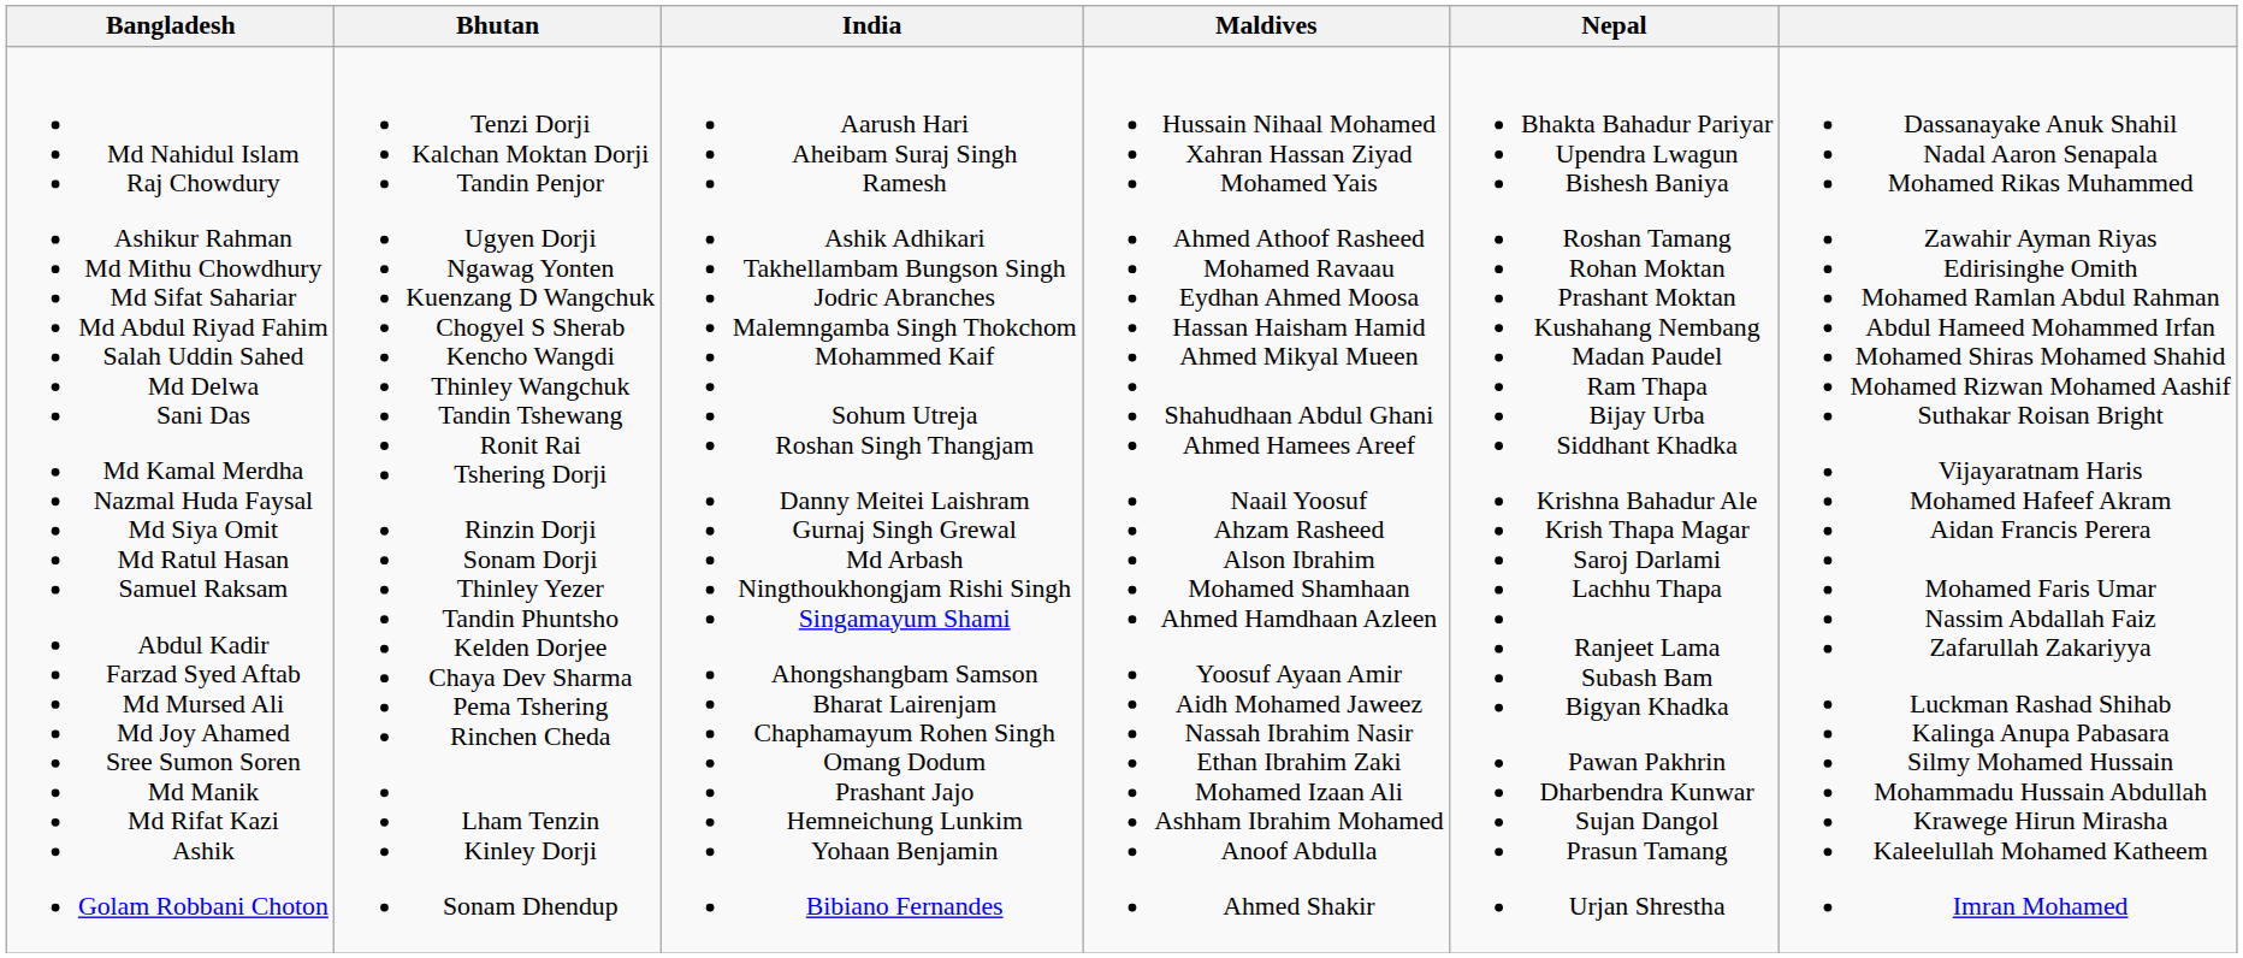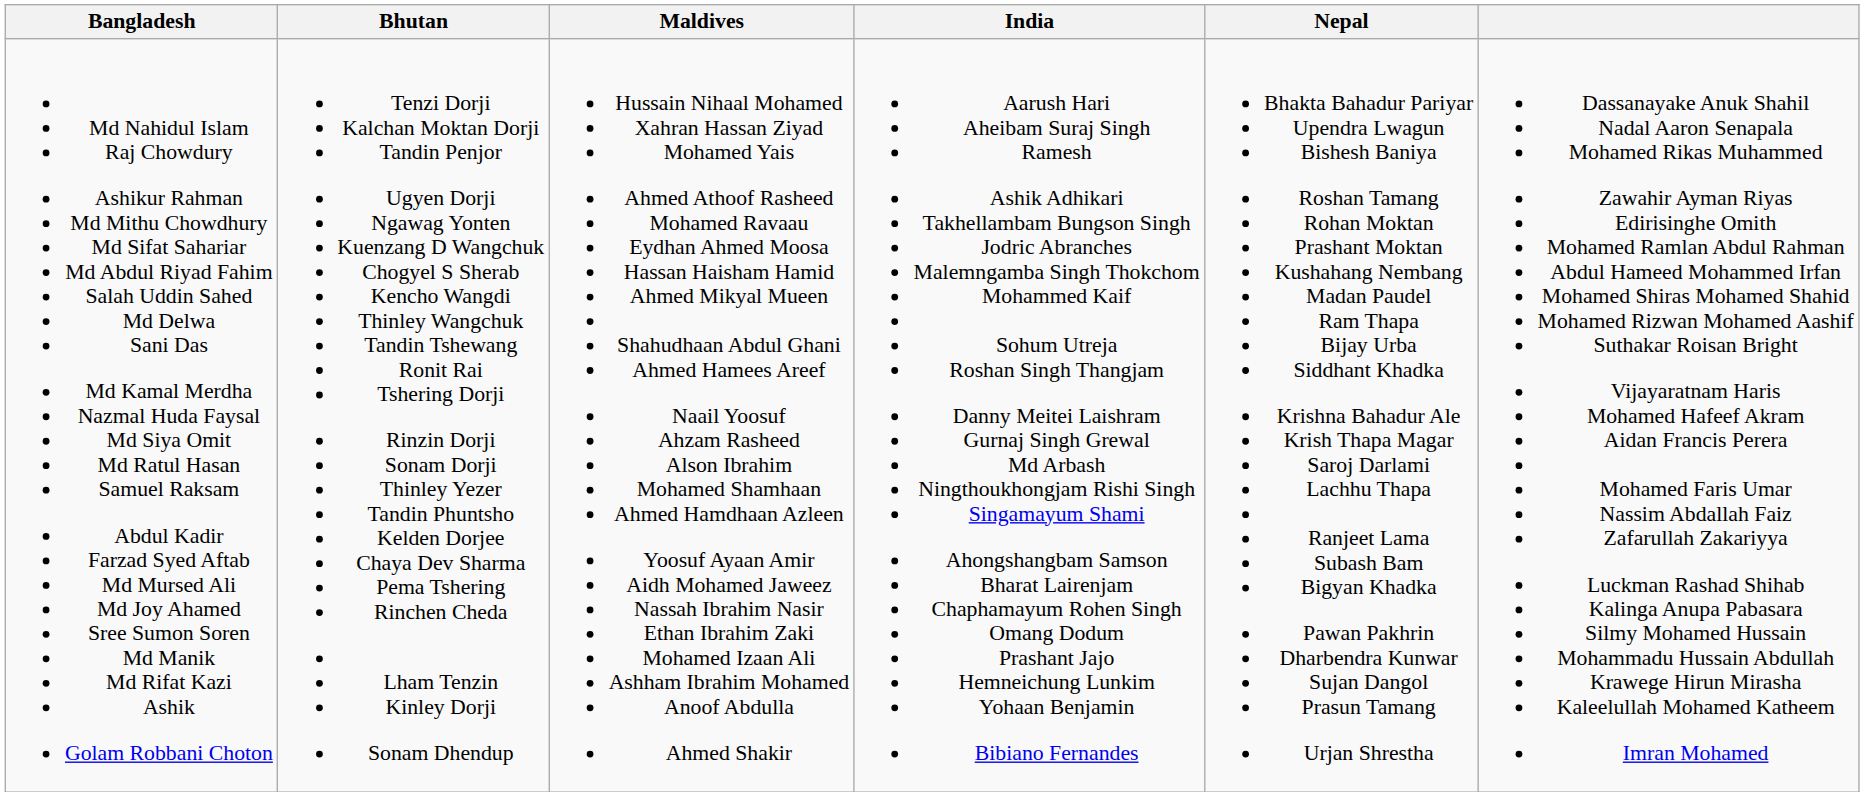 <table class="wikitable" style="text-align:center;margin:auto">
 <tr>
 <th> Bangladesh</th>
 <th> Bhutan</th>
+<th> Maldives</th>
 <th> India</th>
-<th> Maldives</th>
 <th> Nepal</th>
 <th></th>
 </tr>
 <tr style="vertical-align:top; height:20em">
 <td><br><ul><li></li><li>Md Nahidul Islam</li><li>Raj Chowdury</li></ul><ul><li>Ashikur Rahman</li><li>Md Mithu Chowdhury</li><li>Md Sifat Sahariar</li><li>Md Abdul Riyad Fahim</li><li>Salah Uddin Sahed</li><li>Md Delwa</li><li>Sani Das</li></ul><ul><li>Md Kamal Merdha</li><li>Nazmal Huda Faysal</li><li>Md Siya Omit</li><li>Md Ratul Hasan</li><li>Samuel Raksam</li></ul><ul><li>Abdul Kadir</li><li>Farzad Syed Aftab</li><li>Md Mursed Ali</li><li>Md Joy Ahamed</li><li>Sree Sumon Soren</li><li>Md Manik</li><li>Md Rifat Kazi</li><li>Ashik</li></ul><ul><li><a href='#'>Golam Robbani Choton</a></li></ul></td>
 <td><br><ul><li>Tenzi Dorji</li><li>Kalchan Moktan Dorji</li><li>Tandin Penjor</li></ul><ul><li>Ugyen Dorji</li><li>Ngawag Yonten</li><li>Kuenzang D Wangchuk</li><li>Chogyel S Sherab</li><li>Kencho Wangdi</li><li>Thinley Wangchuk</li><li>Tandin Tshewang</li><li>Ronit Rai</li><li>Tshering Dorji</li></ul><ul><li>Rinzin Dorji</li><li>Sonam Dorji</li><li>Thinley Yezer</li><li>Tandin Phuntsho</li><li>Kelden Dorjee</li><li>Chaya Dev Sharma</li><li>Pema Tshering</li><li>Rinchen Cheda</li></ul><ul><li></li><li>Lham Tenzin</li><li>Kinley Dorji</li></ul><ul><li>Sonam Dhendup</li></ul></td>
+<td><br><ul><li>Hussain Nihaal Mohamed</li><li>Xahran Hassan Ziyad</li><li>Mohamed Yais</li></ul><ul><li>Ahmed Athoof Rasheed</li><li>Mohamed Ravaau</li><li>Eydhan Ahmed Moosa</li><li>Hassan Haisham Hamid</li><li>Ahmed Mikyal Mueen</li><li></li><li>Shahudhaan Abdul Ghani</li><li>Ahmed Hamees Areef</li></ul><ul><li>Naail Yoosuf</li><li>Ahzam Rasheed</li><li>Alson Ibrahim</li><li>Mohamed Shamhaan</li><li>Ahmed Hamdhaan Azleen</li></ul><ul><li>Yoosuf Ayaan Amir</li><li>Aidh Mohamed Jaweez</li><li>Nassah Ibrahim Nasir</li><li>Ethan Ibrahim Zaki</li><li>Mohamed Izaan Ali</li><li>Ashham Ibrahim Mohamed</li><li>Anoof Abdulla</li></ul><ul><li>Ahmed Shakir</li></ul></td>
 <td><br><ul><li>Aarush Hari</li><li>Aheibam Suraj Singh</li><li>Ramesh</li></ul><ul><li>Ashik Adhikari</li><li>Takhellambam Bungson Singh</li><li>Jodric Abranches</li><li>Malemngamba Singh Thokchom</li><li>Mohammed Kaif</li><li></li><li>Sohum Utreja</li><li>Roshan Singh Thangjam</li></ul><ul><li>Danny Meitei Laishram</li><li>Gurnaj Singh Grewal</li><li>Md Arbash</li><li>Ningthoukhongjam Rishi Singh</li><li><a href='#'>Singamayum Shami</a></li></ul><ul><li>Ahongshangbam Samson</li><li>Bharat Lairenjam</li><li>Chaphamayum Rohen Singh</li><li>Omang Dodum</li><li>Prashant Jajo</li><li>Hemneichung Lunkim</li><li>Yohaan Benjamin</li></ul><ul><li><a href='#'>Bibiano Fernandes</a></li></ul></td>
-<td><br><ul><li>Hussain Nihaal Mohamed</li><li>Xahran Hassan Ziyad</li><li>Mohamed Yais</li></ul><ul><li>Ahmed Athoof Rasheed</li><li>Mohamed Ravaau</li><li>Eydhan Ahmed Moosa</li><li>Hassan Haisham Hamid</li><li>Ahmed Mikyal Mueen</li><li></li><li>Shahudhaan Abdul Ghani</li><li>Ahmed Hamees Areef</li></ul><ul><li>Naail Yoosuf</li><li>Ahzam Rasheed</li><li>Alson Ibrahim</li><li>Mohamed Shamhaan</li><li>Ahmed Hamdhaan Azleen</li></ul><ul><li>Yoosuf Ayaan Amir</li><li>Aidh Mohamed Jaweez</li><li>Nassah Ibrahim Nasir</li><li>Ethan Ibrahim Zaki</li><li>Mohamed Izaan Ali</li><li>Ashham Ibrahim Mohamed</li><li>Anoof Abdulla</li></ul><ul><li>Ahmed Shakir</li></ul></td>
 <td><br><ul><li>Bhakta Bahadur Pariyar</li><li>Upendra Lwagun</li><li>Bishesh Baniya</li></ul><ul><li>Roshan Tamang</li><li>Rohan Moktan</li><li>Prashant Moktan</li><li>Kushahang Nembang</li><li>Madan Paudel</li><li>Ram Thapa</li><li>Bijay Urba</li><li>Siddhant Khadka</li></ul><ul><li>Krishna Bahadur Ale</li><li>Krish Thapa Magar</li><li>Saroj Darlami</li><li>Lachhu Thapa</li><li></li><li>Ranjeet Lama</li><li>Subash Bam</li><li>Bigyan Khadka</li></ul><ul><li>Pawan Pakhrin</li><li>Dharbendra Kunwar</li><li>Sujan Dangol</li><li>Prasun Tamang</li></ul><ul><li>Urjan Shrestha</li></ul></td>
 <td><br><ul><li>Dassanayake Anuk Shahil</li><li>Nadal Aaron Senapala</li><li>Mohamed Rikas Muhammed</li></ul><ul><li>Zawahir Ayman Riyas</li><li>Edirisinghe Omith</li><li>Mohamed Ramlan Abdul Rahman</li><li>Abdul Hameed Mohammed Irfan</li><li>Mohamed Shiras Mohamed Shahid</li><li>Mohamed Rizwan Mohamed Aashif</li><li>Suthakar Roisan Bright</li></ul><ul><li>Vijayaratnam Haris</li><li>Mohamed Hafeef Akram</li><li>Aidan Francis Perera</li><li></li><li>Mohamed Faris Umar</li><li>Nassim Abdallah Faiz</li><li>Zafarullah Zakariyya</li></ul><ul><li>Luckman Rashad Shihab</li><li>Kalinga Anupa Pabasara</li><li>Silmy Mohamed Hussain</li><li>Mohammadu Hussain Abdullah</li><li>Krawege Hirun Mirasha</li><li>Kaleelullah Mohamed Katheem</li></ul><ul><li> <a href='#'>Imran Mohamed</a></li></ul></td>
 </tr>
 </table>
